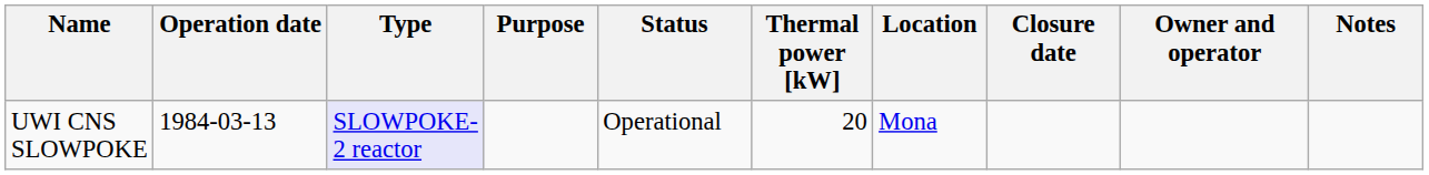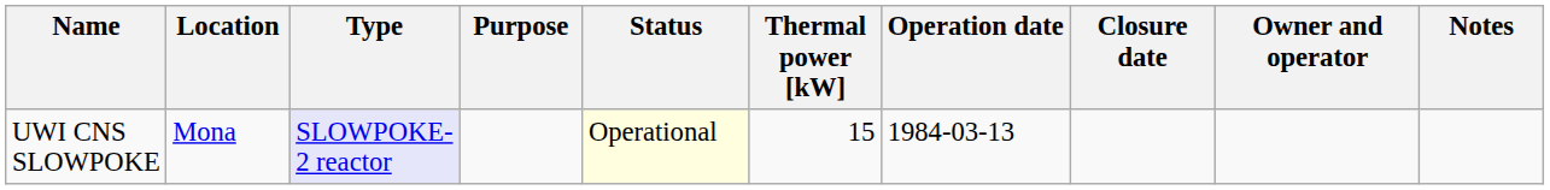 <table class="wikitable" >
 <tr valign="top">
 <th width="80">Name</th>
-<th width=„67“>Operation date</th>
+<th width="65">Location</th>
 <th width="76">Type</th>
 <th width="65">Purpose</th>
 <th width="91">Status</th>
 <th width="70“">Thermal power [kW]</th>
-<th width="65">Location</th>
+<th width=„67“>Operation date</th>
 <th width="78“">Closure date</th>
 <th width="113“">Owner and operator</th>
 <th width="65">Notes</th>
 </tr>
 <tr valign="top">
 <td>UWI CNS SLOWPOKE</td>
-<td>1984-03-13</td>
+<td><a href='#'>Mona</a></td>
 <td style="background: lavender;"><a href='#'>SLOWPOKE-2 reactor</a></td>
 <td></td>
-<td>Operational</td>
-<td align="right">20</td>
-<td><a href='#'>Mona</a></td>
+<td style="background: lightyellow;">Operational</td>
+<td align="right">15</td>
+<td>1984-03-13</td>
 <td></td>
 <td></td>
 <td></td>
 </tr>
 </table>
